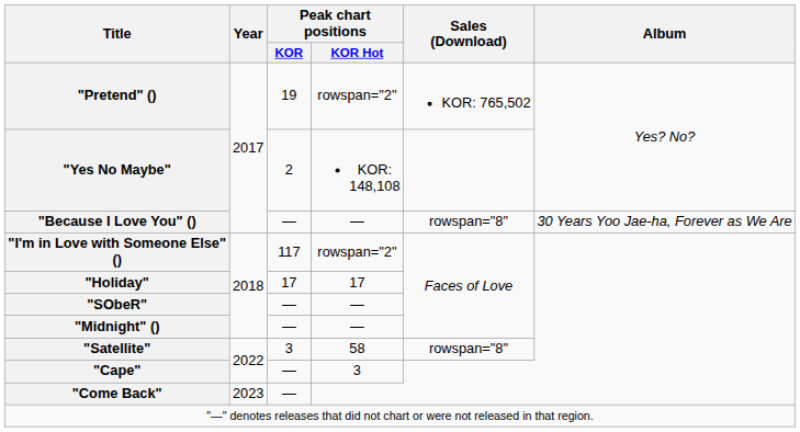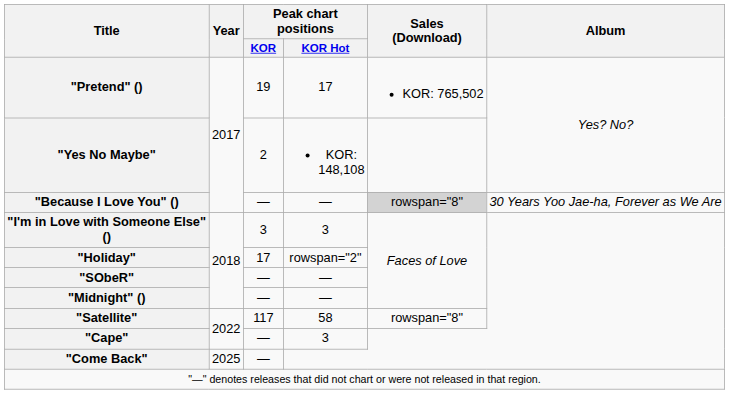 <table class="wikitable plainrowheaders" style="text-align:center;">
 <tr>
 <th scope="col" rowspan="2">Title</th>
 <th scope="col" rowspan="2">Year</th>
 <th scope="col" colspan="2">Peak chart positions</th>
 <th scope="col" rowspan="2">Sales<br>(Download)</th>
 <th scope="col" rowspan="2">Album</th>
 </tr>
 <tr>
 <th scope="col" style="width:3em;font-size:90%;"><a href='#'>KOR</a><br></th>
 <th scope="col" style="width:3em;font-size:90%;"><a href='#'>KOR Hot</a><br></th>
 </tr>
 <tr>
 <th scope="row">"Pretend" ()</th>
 <td rowspan="3">2017</td>
 <td>19</td>
-<td>rowspan="2" </td>
+<td>17</td>
 <td><br><ul><li>KOR: 765,502</li></ul></td>
 <td rowspan="2"><em>Yes? No?</em></td>
 </tr>
 <tr>
 <th scope="row">"Yes No Maybe"</th>
 <td>2</td>
 <td><br><ul><li>KOR: 148,108</li></ul></td>
 </tr>
 <tr>
 <th scope="row">"Because I Love You" ()</th>
 <td>—</td>
 <td>—</td>
-<td>rowspan="8" </td>
+<td style="background: lightgrey;">rowspan="8" </td>
 <td><em>30 Years Yoo Jae-ha, Forever as We Are</em></td>
 </tr>
 <tr>
 <th scope="row">"I'm in Love with Someone Else"<br>()</th>
 <td rowspan="4">2018</td>
-<td>117</td>
-<td>rowspan="2" </td>
+<td>3</td>
+<td>3</td>
 <td rowspan="4"><em>Faces of Love</em></td>
 </tr>
 <tr>
 <th scope="row">"Holiday"<br></th>
 <td>17</td>
-<td>17</td>
+<td>rowspan="2" </td>
 </tr>
 <tr>
 <th scope="row">"SObeR"</th>
 <td>—</td>
 <td>—</td>
 </tr>
 <tr>
 <th scope="row">"Midnight" ()<br></th>
 <td>—</td>
 <td>—</td>
 </tr>
 <tr>
 <th scope="row">"Satellite"</th>
 <td rowspan="2">2022</td>
-<td>3</td>
+<td>117</td>
 <td>58</td>
 <td>rowspan="8" </td>
 </tr>
 <tr>
 <th scope="row">"Cape"</th>
 <td>—</td>
 <td>3</td>
 </tr>
 <tr>
 <th scope="row">"Come Back"</th>
-<td>2023</td>
+<td>2025</td>
 <td>—</td>
 </tr>
 <tr>
 <td colspan="6"><small>"—" denotes releases that did not chart or were not released in that region.</small></td>
 </tr>
 </table>
